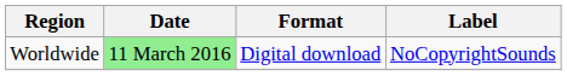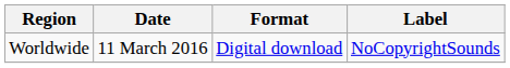 <table class=wikitable>
 <tr>
 <th>Region</th>
 <th>Date</th>
 <th>Format</th>
 <th>Label</th>
 </tr>
 <tr>
 <td>Worldwide</td>
-<td style="background: lightgreen;">11 March 2016</td>
+<td>11 March 2016</td>
 <td><a href='#'>Digital download</a></td>
 <td><a href='#'>NoCopyrightSounds</a></td>
 </tr>
 <tr>
 </tr>
 </table>
